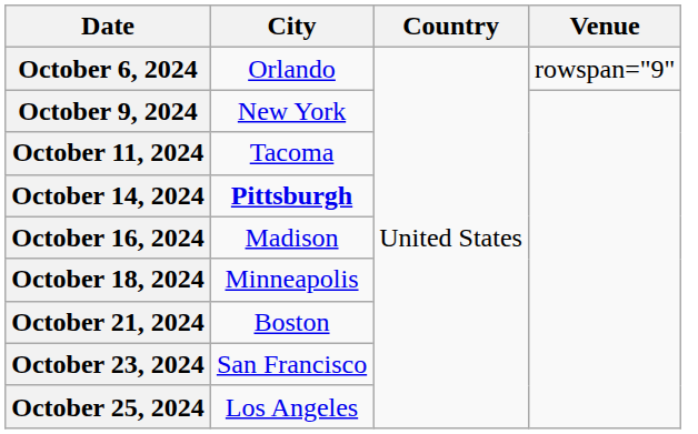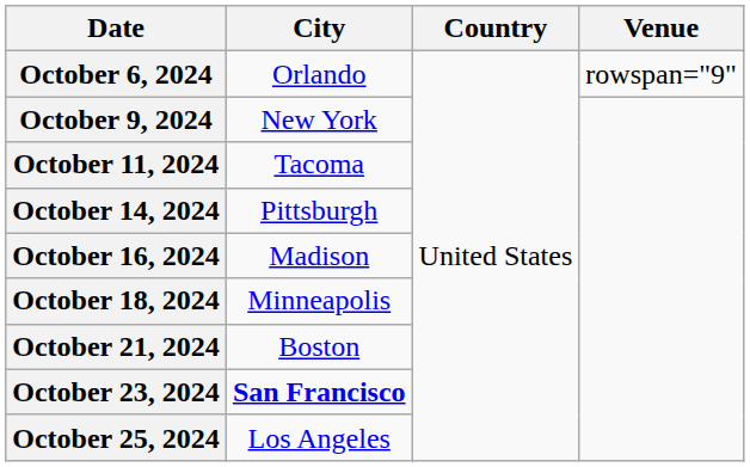 <table class="wikitable plainrowheaders" style="text-align:center">
 <tr>
 <th scope="col">Date</th>
 <th scope="col">City</th>
 <th scope="col">Country</th>
 <th scope="col">Venue</th>
 </tr>
 <tr>
 <th scope="row">October 6, 2024</th>
 <td><a href='#'>Orlando</a></td>
 <td rowspan="9">United States</td>
 <td>rowspan="9" </td>
 </tr>
 <tr>
 <th scope="row">October 9, 2024</th>
 <td><a href='#'>New York</a></td>
 </tr>
 <tr>
 <th scope="row">October 11, 2024</th>
 <td><a href='#'>Tacoma</a></td>
 </tr>
 <tr>
 <th scope="row">October 14, 2024</th>
-<td><strong><a href='#'>Pittsburgh</a></strong></td>
+<td><a href='#'>Pittsburgh</a></td>
 </tr>
 <tr>
 <th scope="row">October 16, 2024</th>
 <td><a href='#'>Madison</a></td>
 </tr>
 <tr>
 <th scope="row">October 18, 2024</th>
 <td><a href='#'>Minneapolis</a></td>
 </tr>
 <tr>
 <th scope="row">October 21, 2024</th>
 <td><a href='#'>Boston</a></td>
 </tr>
 <tr>
 <th scope="row">October 23, 2024</th>
-<td><a href='#'>San Francisco</a></td>
+<td><strong><a href='#'>San Francisco</a></strong></td>
 </tr>
 <tr>
 <th scope="row">October 25, 2024</th>
 <td><a href='#'>Los Angeles</a></td>
 </tr>
 </table>
